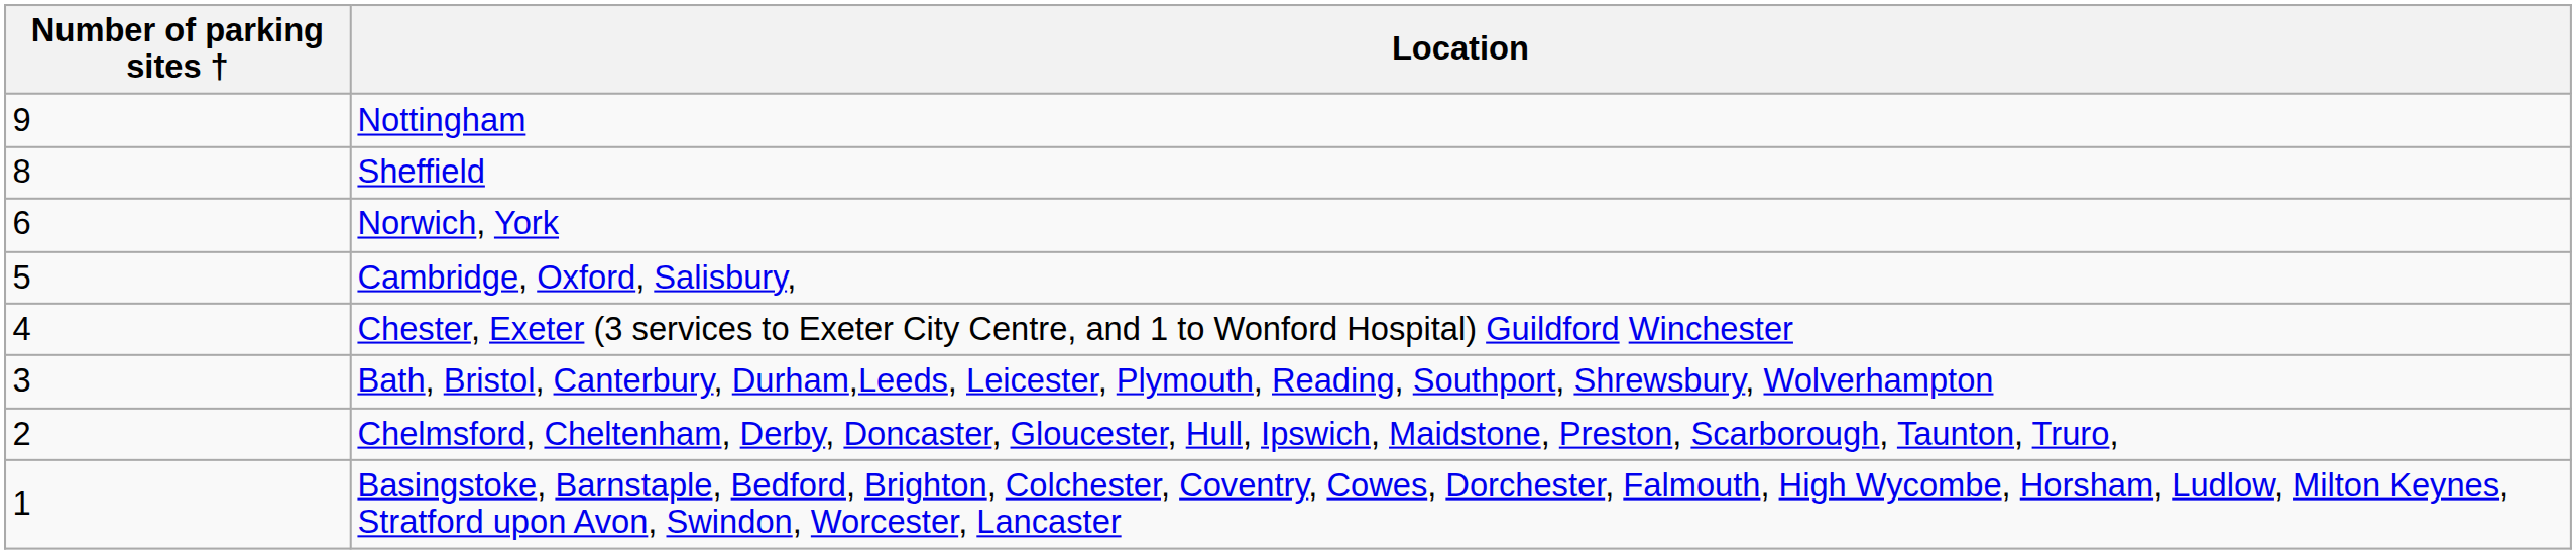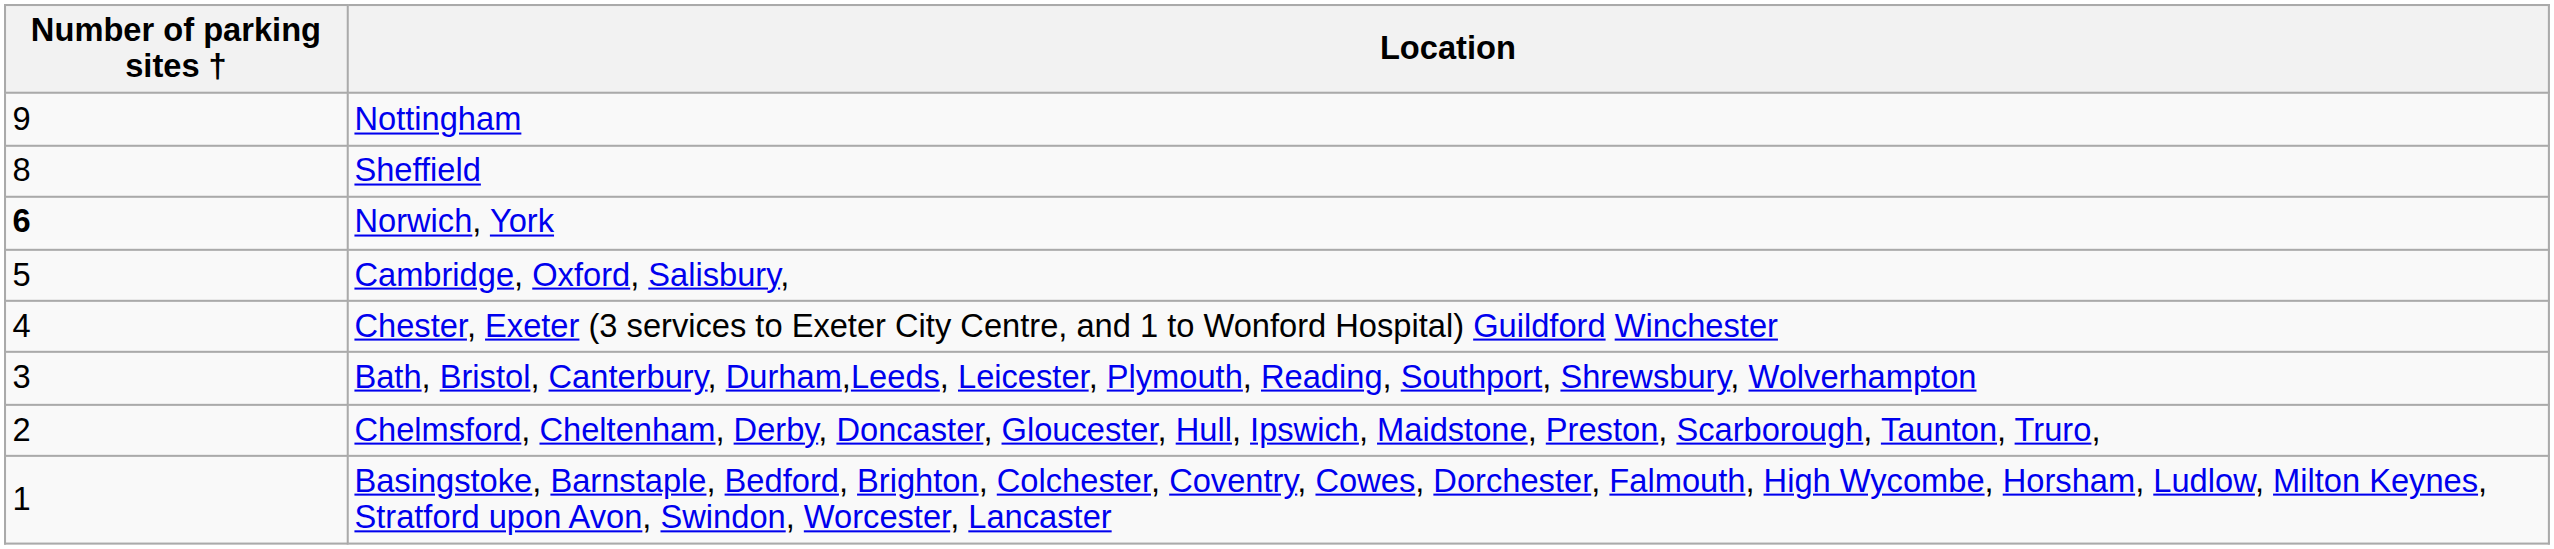 <table class = "wikitable">
 <tr>
 <th>Number of parking sites †</th>
 <th>Location</th>
 </tr>
 <tr>
 <td>9</td>
 <td><a href='#'>Nottingham</a></td>
 </tr>
 <tr>
 <td>8</td>
 <td><a href='#'>Sheffield</a></td>
 </tr>
 <tr>
-<td>6</td>
+<td><strong>6</strong></td>
 <td><a href='#'>Norwich</a>, <a href='#'>York</a></td>
 </tr>
 <tr>
 <td>5</td>
 <td><a href='#'>Cambridge</a>, <a href='#'>Oxford</a>, <a href='#'>Salisbury</a>,</td>
 </tr>
 <tr>
 <td>4</td>
 <td><a href='#'>Chester</a>, <a href='#'>Exeter</a> (3 services to Exeter City Centre, and 1 to Wonford Hospital) <a href='#'>Guildford</a> <a href='#'>Winchester</a></td>
 </tr>
 <tr>
 <td>3</td>
 <td><a href='#'>Bath</a>, <a href='#'>Bristol</a>, <a href='#'>Canterbury</a>, <a href='#'>Durham</a>,<a href='#'>Leeds</a>, <a href='#'>Leicester</a>, <a href='#'>Plymouth</a>, <a href='#'>Reading</a>, <a href='#'>Southport</a>, <a href='#'>Shrewsbury</a>, <a href='#'>Wolverhampton</a></td>
 </tr>
 <tr>
 <td>2</td>
 <td><a href='#'>Chelmsford</a>, <a href='#'>Cheltenham</a>, <a href='#'>Derby</a>, <a href='#'>Doncaster</a>, <a href='#'>Gloucester</a>, <a href='#'>Hull</a>, <a href='#'>Ipswich</a>, <a href='#'>Maidstone</a>, <a href='#'>Preston</a>, <a href='#'>Scarborough</a>, <a href='#'>Taunton</a>, <a href='#'>Truro</a>,</td>
 </tr>
 <tr>
 <td>1</td>
 <td><a href='#'>Basingstoke</a>, <a href='#'>Barnstaple</a>, <a href='#'>Bedford</a>, <a href='#'>Brighton</a>, <a href='#'>Colchester</a>, <a href='#'>Coventry</a>, <a href='#'>Cowes</a>, <a href='#'>Dorchester</a>, <a href='#'>Falmouth</a>, <a href='#'>High Wycombe</a>, <a href='#'>Horsham</a>, <a href='#'>Ludlow</a>, <a href='#'>Milton Keynes</a>, <a href='#'>Stratford upon Avon</a>, <a href='#'>Swindon</a>, <a href='#'>Worcester</a>, <a href='#'>Lancaster</a></td>
 </tr>
 </table>
